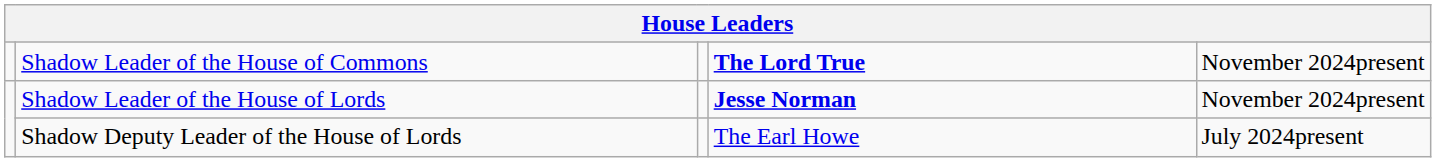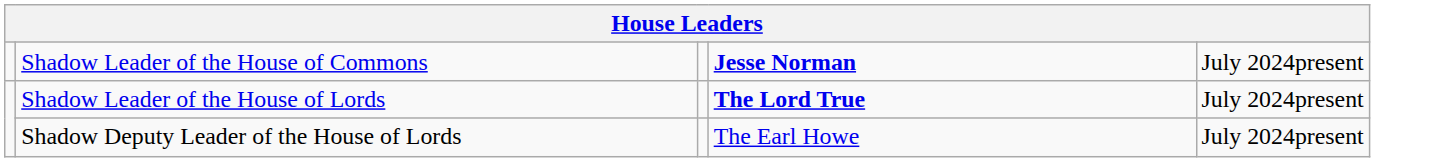 <table class="wikitable">
 <tr>
 <th colspan="5"><a href='#'>House Leaders</a></th>
 </tr>
 <tr>
 <td rowspan="1" style="background: "></td>
 <td style="width: 450px;"><a href='#'>Shadow Leader of the House of Commons</a></td>
 <td style="background: "></td>
-<td style="width: 320px;"><a href='#'><strong>The Lord True</strong></a></td>
-<td>November 2024present</td>
+<td style="width: 320px;"><strong><a href='#'>Jesse Norman</a></strong></td>
+<td>July 2024present</td>
 </tr>
 <tr>
 <td rowspan="2" style="background: "></td>
 <td style="width: 450px;"><a href='#'>Shadow Leader of the House of Lords</a></td>
 <td style="background: "></td>
-<td style="width: 320px;"><strong><a href='#'>Jesse Norman</a></strong></td>
-<td>November 2024present</td>
+<td style="width: 320px;"><a href='#'><strong>The Lord True</strong></a></td>
+<td>July 2024present</td>
 </tr>
 <tr>
 <td>Shadow Deputy Leader of the House of Lords</td>
 <td style="background: "></td>
 <td><a href='#'>The Earl Howe</a></td>
 <td>July 2024present</td>
 </tr>
 </table>
